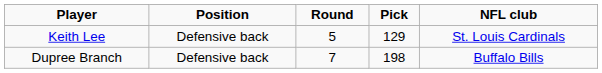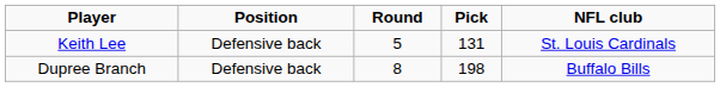 <table class="wikitable" width="80%">
 <tr align="center">
 <td><strong>Player</strong></td>
 <td><strong>Position</strong></td>
 <td><strong>Round</strong></td>
 <td><strong>Pick</strong></td>
 <td><strong>NFL club</strong></td>
 </tr>
 <tr align="center" bgcolor="">
 <td><a href='#'>Keith Lee</a></td>
 <td>Defensive back</td>
 <td>5</td>
-<td>129</td>
+<td>131</td>
 <td><a href='#'>St. Louis Cardinals</a></td>
 </tr>
 <tr align="center" bgcolor="">
 <td>Dupree Branch</td>
 <td>Defensive back</td>
-<td>7</td>
+<td>8</td>
 <td>198</td>
 <td><a href='#'>Buffalo Bills</a></td>
 </tr>
 </table>
